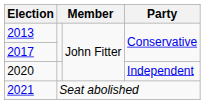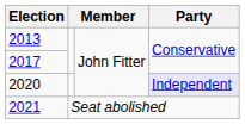 <table class="wikitable">
 <tr>
 <th>Election</th>
 <th colspan="2">Member</th>
 <th>Party</th>
 </tr>
 <tr>
 <td><a href='#'>2013</a></td>
 <td rowspan="2" style="background-color: "></td>
 <td rowspan="3">John Fitter</td>
 <td rowspan="2"><a href='#'>Conservative</a></td>
 </tr>
 <tr>
 <td><a href='#'>2017</a></td>
 </tr>
 <tr>
 <td>2020</td>
 <td rowspan="1" style="background-color: "></td>
-<td rowspan="1"><a href='#'>Independent</a></td>
+<td rowspan="1" style="background: lavender;"><a href='#'>Independent</a></td>
 </tr>
 <tr>
 <td><a href='#'>2021</a></td>
 <td colspan="3"><em>Seat abolished</em></td>
 </tr>
 </table>
